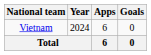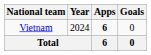 <table class="wikitable" style="text-align: center;">
 <tr>
 <th>National team</th>
 <th>Year</th>
 <th>Apps</th>
 <th>Goals</th>
 </tr>
 <tr>
 <td rowspan=1><a href='#'>Vietnam</a></td>
 <td>2024</td>
-<td>6</td>
+<td><strong>6</strong></td>
 <td>0</td>
 </tr>
 <tr>
 <th colspan=2>Total</th>
 <th>6</th>
 <th>0</th>
 </tr>
 </table>
